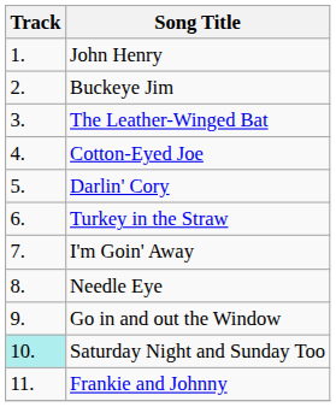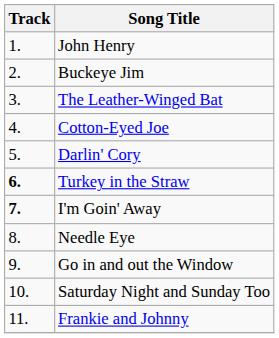 <table class="wikitable" style="font-size:95%;">
 <tr>
 <th>Track</th>
 <th>Song Title</th>
 </tr>
 <tr>
 <td>1.</td>
 <td>John Henry</td>
 </tr>
 <tr>
 <td>2.</td>
 <td>Buckeye Jim</td>
 </tr>
 <tr>
 <td>3.</td>
 <td><a href='#'>The Leather-Winged Bat</a></td>
 </tr>
 <tr>
 <td>4.</td>
 <td><a href='#'>Cotton-Eyed Joe</a></td>
 </tr>
 <tr>
 <td>5.</td>
 <td><a href='#'>Darlin' Cory</a></td>
 </tr>
 <tr>
-<td>6.</td>
+<td><strong>6.</strong></td>
 <td><a href='#'>Turkey in the Straw</a></td>
 </tr>
 <tr>
-<td>7.</td>
+<td><strong>7.</strong></td>
 <td>I'm Goin' Away</td>
 </tr>
 <tr>
 <td>8.</td>
 <td>Needle Eye</td>
 </tr>
 <tr>
 <td>9.</td>
 <td>Go in and out the Window</td>
 </tr>
 <tr>
-<td style="background: paleturquoise;">10.</td>
+<td>10.</td>
 <td>Saturday Night and Sunday Too</td>
 </tr>
 <tr>
 <td>11.</td>
 <td><a href='#'>Frankie and Johnny</a></td>
 </tr>
 <tr>
 </tr>
 </table>
